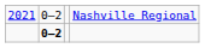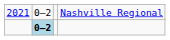 <table class="wikitable">
 <tr>
 <td><a href='#'>2021</a></td>
 <td>0–2</td>
 <td></td>
 <td><a href='#'>Nashville Regional</a></td>
 </tr>
 <tr>
 <td></td>
-<td><strong>0–2</strong></td>
+<td style="background: lightblue;"><strong>0–2</strong></td>
 <td><strong></strong></td>
 <td></td>
 </tr>
 </table>
